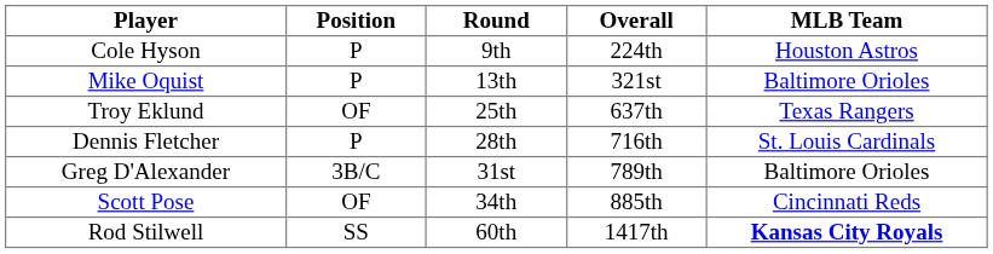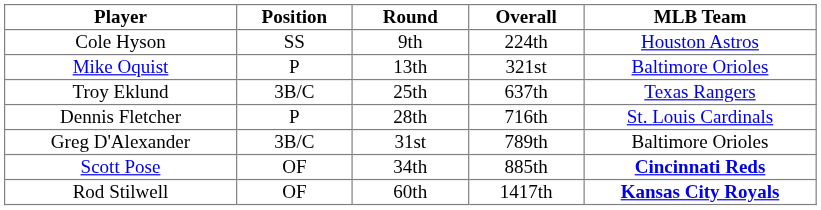 <table class="toccolours" border=1 style="text-align:center; border-collapse:collapse;">
 <tr>
 <th style="width:20%; ">Player</th>
 <th style="width:10%; ">Position</th>
 <th style="width:10%; ">Round</th>
 <th style="width:10%; ">Overall</th>
 <th style="width:20%; ">MLB Team</th>
 </tr>
 <tr>
 <td>Cole Hyson</td>
-<td>P</td>
+<td>SS</td>
 <td>9th</td>
 <td>224th</td>
 <td><a href='#'>Houston Astros</a></td>
 </tr>
 <tr>
 <td><a href='#'>Mike Oquist</a></td>
 <td>P</td>
 <td>13th</td>
 <td>321st</td>
 <td><a href='#'>Baltimore Orioles</a></td>
 </tr>
 <tr>
 <td>Troy Eklund</td>
-<td>OF</td>
+<td>3B/C</td>
 <td>25th</td>
 <td>637th</td>
 <td><a href='#'>Texas Rangers</a></td>
 </tr>
 <tr>
 <td>Dennis Fletcher</td>
 <td>P</td>
 <td>28th</td>
 <td>716th</td>
 <td><a href='#'>St. Louis Cardinals</a></td>
 </tr>
 <tr>
 <td>Greg D'Alexander</td>
 <td>3B/C</td>
 <td>31st</td>
 <td>789th</td>
 <td>Baltimore Orioles</td>
 </tr>
 <tr>
 <td><a href='#'>Scott Pose</a></td>
 <td>OF</td>
 <td>34th</td>
 <td>885th</td>
-<td><a href='#'>Cincinnati Reds</a></td>
+<td><strong><a href='#'>Cincinnati Reds</a></strong></td>
 </tr>
 <tr>
 <td>Rod Stilwell</td>
-<td>SS</td>
+<td>OF</td>
 <td>60th</td>
 <td>1417th</td>
 <td><strong><a href='#'>Kansas City Royals</a></strong></td>
 </tr>
 </table>
